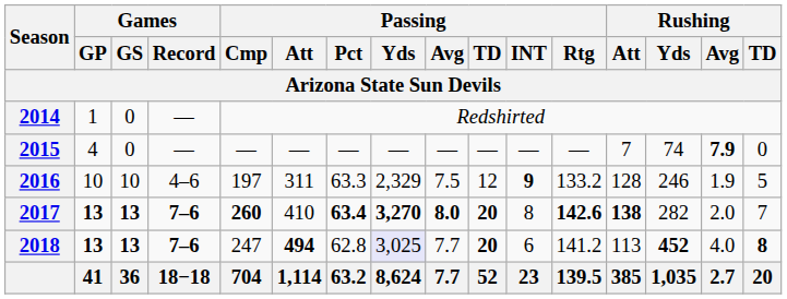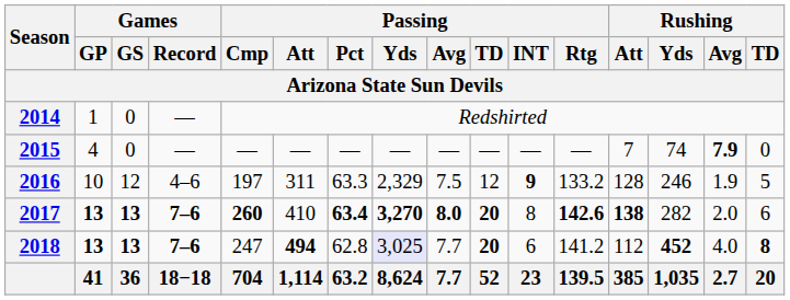 <table class="wikitable" style="text-align:center;">
 <tr>
 <th rowspan="2">Season</th>
 <th colspan="3">Games</th>
 <th colspan="8">Passing</th>
 <th colspan="4">Rushing</th>
 </tr>
 <tr>
 <th>GP</th>
 <th>GS</th>
 <th>Record</th>
 <th>Cmp</th>
 <th>Att</th>
 <th>Pct</th>
 <th>Yds</th>
 <th>Avg</th>
 <th>TD</th>
 <th>INT</th>
 <th>Rtg</th>
 <th>Att</th>
 <th>Yds</th>
 <th>Avg</th>
 <th>TD</th>
 </tr>
 <tr>
 <th colspan="16">Arizona State Sun Devils</th>
 </tr>
 <tr>
 <th><a href='#'>2014</a></th>
 <td>1</td>
 <td>0</td>
 <td>—</td>
 <td colspan="12"><em>Redshirted </em></td>
 </tr>
 <tr>
 <th><a href='#'>2015</a></th>
 <td>4</td>
 <td>0</td>
 <td>—</td>
 <td>—</td>
 <td>—</td>
 <td>—</td>
 <td>—</td>
 <td>—</td>
 <td>—</td>
 <td>—</td>
 <td>—</td>
 <td>7</td>
 <td>74</td>
 <td><strong>7.9</strong></td>
 <td>0</td>
 </tr>
 <tr>
 <th><a href='#'>2016</a></th>
 <td>10</td>
-<td>10</td>
+<td>12</td>
 <td>4–6</td>
 <td>197</td>
 <td>311</td>
 <td>63.3</td>
 <td>2,329</td>
 <td>7.5</td>
 <td>12</td>
 <td><strong>9</strong></td>
 <td>133.2</td>
 <td>128</td>
 <td>246</td>
 <td>1.9</td>
 <td>5</td>
 </tr>
 <tr>
 <th><a href='#'>2017</a></th>
 <td><strong>13</strong></td>
 <td><strong>13</strong></td>
 <td><strong>7–6</strong></td>
 <td><strong>260</strong></td>
 <td>410</td>
 <td><strong>63.4</strong></td>
 <td><strong>3,270</strong></td>
 <td><strong>8.0</strong></td>
 <td><strong>20</strong></td>
 <td>8</td>
 <td><strong>142.6</strong></td>
 <td><strong>138</strong></td>
 <td>282</td>
 <td>2.0</td>
-<td>7</td>
+<td>6</td>
 </tr>
 <tr>
 <th><a href='#'>2018</a></th>
 <td><strong>13</strong></td>
 <td><strong>13</strong></td>
 <td><strong>7–6</strong></td>
 <td>247</td>
 <td><strong>494</strong></td>
 <td>62.8</td>
 <td style="background: lavender;">3,025</td>
 <td>7.7</td>
 <td><strong>20</strong></td>
 <td>6</td>
 <td>141.2</td>
-<td>113</td>
+<td>112</td>
 <td><strong>452</strong></td>
 <td>4.0</td>
 <td><strong>8</strong></td>
 </tr>
 <tr>
 <th></th>
 <th>41</th>
 <th>36</th>
 <th>18−18</th>
 <th>704</th>
 <th>1,114</th>
 <th>63.2</th>
 <th>8,624</th>
 <th>7.7</th>
 <th>52</th>
 <th>23</th>
 <th>139.5</th>
 <th>385</th>
 <th>1,035</th>
 <th>2.7</th>
 <th>20</th>
 </tr>
 </table>
